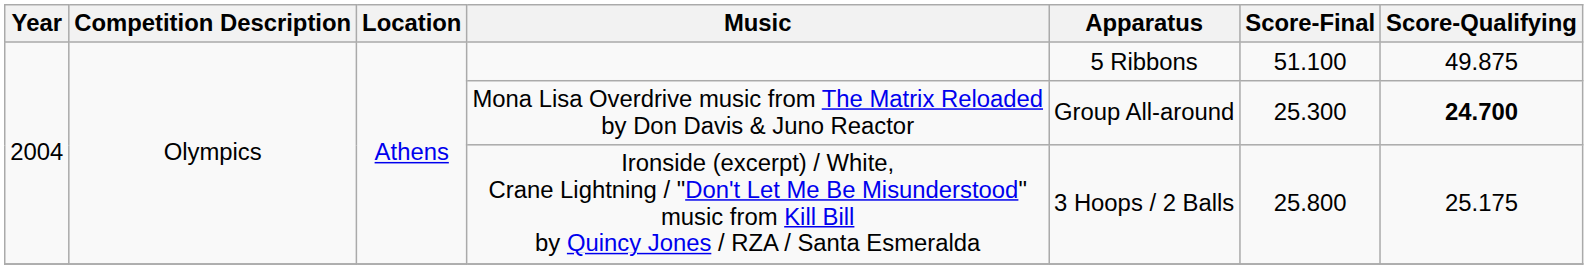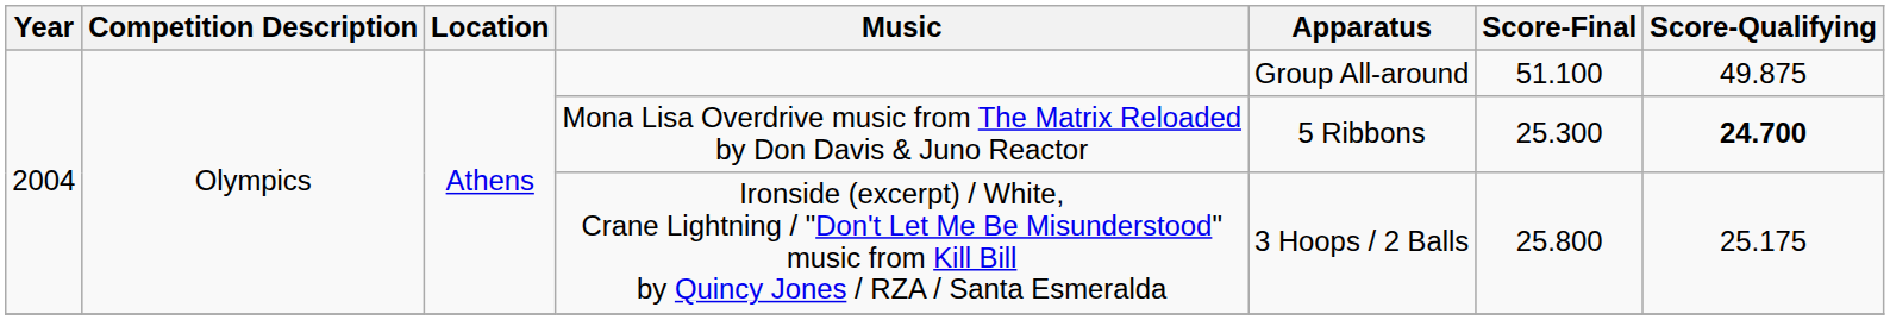 <table class="wikitable" style="text-align:center">
 <tr>
 <th>Year</th>
 <th>Competition Description</th>
 <th>Location</th>
 <th>Music </th>
 <th>Apparatus</th>
 <th>Score-Final</th>
 <th>Score-Qualifying</th>
 </tr>
 <tr>
 <td rowspan="3">2004</td>
 <td rowspan="3">Olympics</td>
 <td rowspan="3"><a href='#'>Athens</a></td>
 <td></td>
-<td>5 Ribbons</td>
+<td>Group All-around</td>
 <td>51.100</td>
 <td>49.875</td>
 </tr>
 <tr>
 <td>Mona Lisa Overdrive music from <a href='#'>The Matrix Reloaded</a> <br>by Don Davis & Juno Reactor</td>
-<td>Group All-around</td>
+<td>5 Ribbons</td>
 <td>25.300</td>
 <td><strong>24.700</strong></td>
 </tr>
 <tr>
 <td>Ironside (excerpt) / White,<br> Crane Lightning / "<a href='#'>Don't Let Me Be Misunderstood</a>" <br>music from <a href='#'>Kill Bill</a> <br>by <a href='#'>Quincy Jones</a> / RZA / Santa Esmeralda</td>
 <td>3 Hoops / 2 Balls</td>
 <td>25.800</td>
 <td>25.175</td>
 </tr>
 <tr>
 </tr>
 </table>
